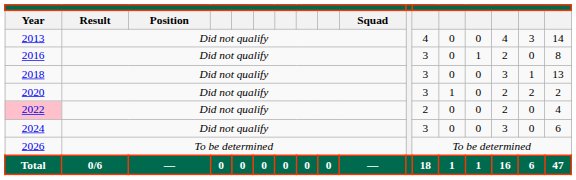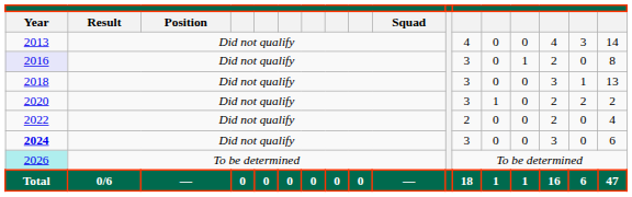 <table class="wikitable" style="text-align: center; font-size:100%; width: 800px">
 <tr>
 <th colspan=10 style="background: #006a4e;border: 2px solid #ff3300;color: #FFFFFF;"><a href='#'></a></th>
 <th style="background: #006a4e;border: 2px solid #ff3300; color: #FFFFFF;"></th>
 <th colspan="6" style="background: #006a4e;border: 2px solid #ff3300; color: #FFFFFF;"><a href='#'></a></th>
 </tr>
 <tr>
 <th>Year</th>
 <th>Result</th>
 <th>Position</th>
 <th></th>
 <th></th>
 <th></th>
 <th></th>
 <th></th>
 <th></th>
 <th>Squad</th>
 <th rowspan="8" style="width:1%;"></th>
 <th width=30></th>
 <th width=30></th>
 <th width=30></th>
 <th width=30></th>
 <th width=30></th>
 <th width=30></th>
 </tr>
 <tr>
 <td style="text-align: center"> <a href='#'>2013</a></td>
 <td colspan="9" style="text-align:center"><em>Did not qualify</em></td>
 <td>4</td>
 <td>0</td>
 <td>0</td>
 <td>4</td>
 <td>3</td>
 <td>14</td>
 </tr>
 <tr>
-<td style="text-align: center"> <a href='#'>2016</a></td>
+<td style="background: lavender; text-align: center"> <a href='#'>2016</a></td>
 <td colspan="9" style="text-align:center"><em>Did not qualify</em></td>
 <td>3</td>
 <td>0</td>
 <td>1</td>
 <td>2</td>
 <td>0</td>
 <td>8</td>
 </tr>
 <tr>
 <td style="text-align: center"> <a href='#'>2018</a></td>
 <td colspan="9" style="text-align:center"><em>Did not qualify</em></td>
 <td>3</td>
 <td>0</td>
 <td>0</td>
 <td>3</td>
 <td>1</td>
 <td>13</td>
 </tr>
 <tr>
 <td style="text-align: center"> <a href='#'>2020</a></td>
 <td colspan="9" style="text-align:center"><em>Did not qualify</em></td>
 <td>3</td>
 <td>1</td>
 <td>0</td>
 <td>2</td>
 <td>2</td>
 <td>2</td>
 </tr>
 <tr>
-<td style="background: pink; text-align: center"> <a href='#'>2022</a></td>
+<td style="text-align: center"> <a href='#'>2022</a></td>
 <td colspan="9" style="text-align:center"><em>Did not qualify</em></td>
 <td>2</td>
 <td>0</td>
 <td>0</td>
 <td>2</td>
 <td>0</td>
 <td>4</td>
 </tr>
 <tr>
-<td style="text-align: center"> <a href='#'>2024</a></td>
+<td style="text-align: center"><strong> <a href='#'>2024</a></strong></td>
 <td colspan="9" style="text-align:center"><em>Did not qualify</em></td>
 <td>3</td>
 <td>0</td>
 <td>0</td>
 <td>3</td>
 <td>0</td>
 <td>6</td>
 </tr>
 <tr>
-<td style="text-align: center"> <a href='#'>2026</a></td>
+<td style="background: paleturquoise; text-align: center"> <a href='#'>2026</a></td>
 <td colspan="9" style="text-align:center"><em>To be determined</em></td>
 <td colspan="6" style="text-align:center"><em>To be determined</em></td>
 </tr>
 <tr>
 <td style="background: #006a4e;border: 2px solid #ff3300;color: #FFFFFF;"><strong>Total</strong></td>
 <td style="background: #006a4e;border: 2px solid #ff3300;color: #FFFFFF;"><strong>0/6</strong></td>
 <td style="background: #006a4e;border: 2px solid #ff3300;color: #FFFFFF;"><strong>—</strong></td>
 <td style="background: #006a4e;border: 2px solid #ff3300;color: #FFFFFF;"><strong>0</strong></td>
 <td style="background: #006a4e;border: 2px solid #ff3300;color: #FFFFFF;"><strong>0</strong></td>
 <td style="background: #006a4e;border: 2px solid #ff3300;color: #FFFFFF;"><strong>0</strong></td>
 <td style="background: #006a4e;border: 2px solid #ff3300;color: #FFFFFF;"><strong>0</strong></td>
 <td style="background: #006a4e;border: 2px solid #ff3300;color: #FFFFFF;"><strong>0</strong></td>
 <td style="background: #006a4e;border: 2px solid #ff3300;color: #FFFFFF;"><strong>0</strong></td>
 <td style="background: #006a4e;border: 2px solid #ff3300;color: #FFFFFF;"><strong>—</strong></td>
 <td style="background: #006a4e;border: 2px solid #ff3300;color: #FFFFFF;"></td>
 <td style="background: #006a4e;border: 2px solid #ff3300;color: #FFFFFF;"><strong>18</strong></td>
 <td style="background: #006a4e;border: 2px solid #ff3300;color: #FFFFFF;"><strong>1</strong></td>
 <td style="background: #006a4e;border: 2px solid #ff3300;color: #FFFFFF;"><strong>1</strong></td>
 <td style="background: #006a4e;border: 2px solid #ff3300;color: #FFFFFF;"><strong>16</strong></td>
 <td style="background: #006a4e;border: 2px solid #ff3300;color: #FFFFFF;"><strong>6</strong></td>
 <td style="background: #006a4e;border: 2px solid #ff3300;color: #FFFFFF;"><strong>47</strong></td>
 </tr>
 </table>
